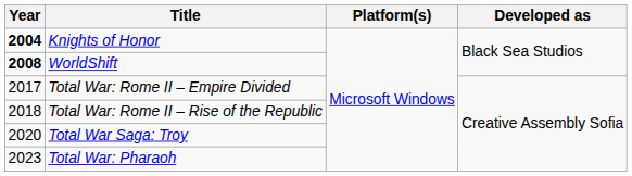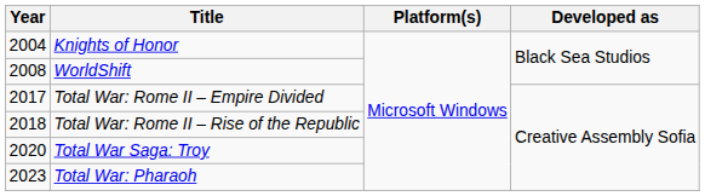 <table class="wikitable sortable">
 <tr>
 <th>Year</th>
 <th>Title</th>
 <th>Platform(s)</th>
 <th>Developed as</th>
 </tr>
 <tr>
-<td><strong>2004</strong></td>
+<td>2004</td>
 <td><em><a href='#'>Knights of Honor</a></em></td>
 <td rowspan="6"><a href='#'>Microsoft Windows</a></td>
 <td rowspan="2">Black Sea Studios</td>
 </tr>
 <tr>
-<td><strong>2008</strong></td>
+<td>2008</td>
 <td><em><a href='#'>WorldShift</a></em></td>
 </tr>
 <tr>
 <td>2017</td>
 <td><em>Total War: Rome II – Empire Divided</em></td>
 <td rowspan="4">Creative Assembly Sofia</td>
 </tr>
 <tr>
 <td>2018</td>
 <td><em>Total War: Rome II – Rise of the Republic</em></td>
 </tr>
 <tr>
 <td>2020</td>
 <td><em><a href='#'>Total War Saga: Troy</a></em></td>
 </tr>
 <tr>
 <td>2023</td>
 <td><em><a href='#'>Total War: Pharaoh</a></em></td>
 </tr>
 </table>
